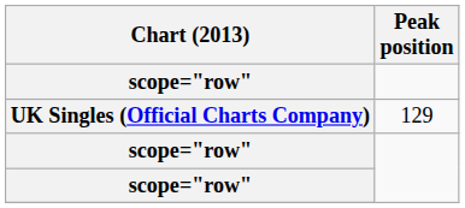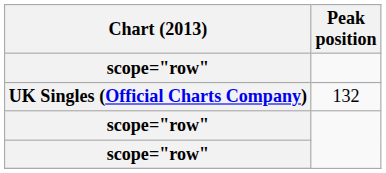 <table class="wikitable sortable plainrowheaders" style="text-align:center;">
 <tr>
 <th scope="col">Chart (2013)</th>
 <th scope="col">Peak<br>position</th>
 </tr>
 <tr>
 <th>scope="row" </th>
 </tr>
 <tr>
 <th scope="row">UK Singles (<a href='#'>Official Charts Company</a>)</th>
-<td>129</td>
+<td>132</td>
 </tr>
 <tr>
 <th>scope="row" </th>
 </tr>
 <tr>
 <th>scope="row" </th>
 </tr>
 <tr>
 </tr>
 </table>
